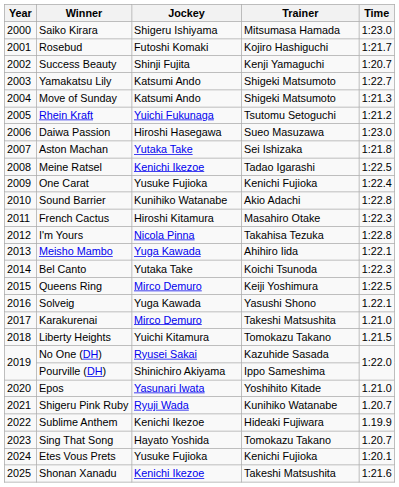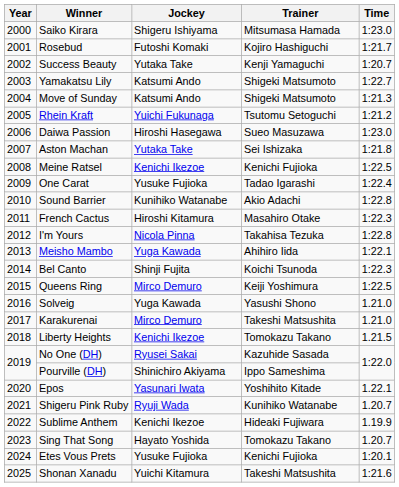 <table class="wikitable sortable" style="font-size:90%">
 <tr>
 <th width="36px">Year<br></th>
 <th width="120px">Winner<br></th>
 <th width="140px">Jockey<br></th>
 <th width="150px">Trainer<br></th>
 <th>Time<br></th>
 </tr>
 <tr>
 <td>2000</td>
 <td>Saiko Kirara</td>
 <td>Shigeru Ishiyama</td>
 <td>Mitsumasa Hamada</td>
 <td>1:23.0</td>
 </tr>
 <tr>
 <td>2001</td>
 <td>Rosebud</td>
 <td>Futoshi Komaki</td>
 <td>Kojiro Hashiguchi</td>
 <td>1:21.7</td>
 </tr>
 <tr>
 <td>2002</td>
 <td>Success Beauty</td>
-<td>Shinji Fujita</td>
+<td>Yutaka Take</td>
 <td>Kenji Yamaguchi</td>
 <td>1:20.7</td>
 </tr>
 <tr>
 <td>2003</td>
 <td>Yamakatsu Lily</td>
 <td>Katsumi Ando</td>
 <td>Shigeki Matsumoto</td>
 <td>1:22.7</td>
 </tr>
 <tr>
 <td>2004</td>
 <td>Move of Sunday</td>
 <td>Katsumi Ando</td>
 <td>Shigeki Matsumoto</td>
 <td>1:21.3</td>
 </tr>
 <tr>
 <td>2005</td>
 <td><a href='#'>Rhein Kraft</a></td>
 <td><a href='#'>Yuichi Fukunaga</a></td>
 <td>Tsutomu Setoguchi</td>
 <td>1:21.2</td>
 </tr>
 <tr>
 <td>2006</td>
 <td>Daiwa Passion</td>
 <td>Hiroshi Hasegawa</td>
 <td>Sueo Masuzawa</td>
 <td>1:23.0</td>
 </tr>
 <tr>
 <td>2007</td>
 <td>Aston Machan</td>
 <td><a href='#'>Yutaka Take</a></td>
 <td>Sei Ishizaka</td>
 <td>1:21.8</td>
 </tr>
 <tr>
 <td>2008</td>
 <td>Meine Ratsel</td>
 <td><a href='#'>Kenichi Ikezoe</a></td>
-<td>Tadao Igarashi</td>
+<td>Kenichi Fujioka</td>
 <td>1:22.5</td>
 </tr>
 <tr>
 <td>2009</td>
 <td>One Carat</td>
 <td>Yusuke Fujioka</td>
-<td>Kenichi Fujioka</td>
+<td>Tadao Igarashi</td>
 <td>1:22.4</td>
 </tr>
 <tr>
 <td>2010</td>
 <td>Sound Barrier</td>
 <td>Kunihiko Watanabe</td>
 <td>Akio Adachi</td>
 <td>1:22.8</td>
 </tr>
 <tr>
 <td>2011</td>
 <td>French Cactus</td>
 <td>Hiroshi Kitamura</td>
 <td>Masahiro Otake</td>
 <td>1:22.3</td>
 </tr>
 <tr>
 <td>2012</td>
 <td>I'm Yours</td>
 <td><a href='#'>Nicola Pinna</a></td>
 <td>Takahisa Tezuka</td>
 <td>1:22.8</td>
 </tr>
 <tr>
 <td>2013</td>
 <td><a href='#'>Meisho Mambo</a></td>
 <td><a href='#'>Yuga Kawada</a></td>
 <td>Ahihiro Iida</td>
 <td>1:22.1</td>
 </tr>
 <tr>
 <td>2014</td>
 <td>Bel Canto</td>
-<td>Yutaka Take</td>
+<td>Shinji Fujita</td>
 <td>Koichi Tsunoda</td>
 <td>1:22.3</td>
 </tr>
 <tr>
 <td>2015</td>
 <td>Queens Ring</td>
 <td><a href='#'>Mirco Demuro</a></td>
 <td>Keiji Yoshimura</td>
 <td>1:22.5</td>
 </tr>
 <tr>
 <td>2016</td>
 <td>Solveig</td>
 <td>Yuga Kawada</td>
 <td>Yasushi Shono</td>
-<td>1.22.1</td>
+<td>1.21.0</td>
 </tr>
 <tr>
 <td>2017</td>
 <td>Karakurenai</td>
 <td><a href='#'>Mirco Demuro</a></td>
 <td>Takeshi Matsushita</td>
 <td>1.21.0</td>
 </tr>
 <tr>
 <td>2018</td>
 <td>Liberty Heights</td>
-<td>Yuichi Kitamura</td>
+<td><a href='#'>Kenichi Ikezoe</a></td>
 <td>Tomokazu Takano</td>
 <td>1.21.5</td>
 </tr>
 <tr>
 <td rowspan="2">2019</td>
 <td>No One (<a href='#'>DH</a>)</td>
 <td><a href='#'>Ryusei Sakai</a></td>
 <td>Kazuhide Sasada</td>
 <td rowspan="2">1:22.0</td>
 </tr>
 <tr>
 <td>Pourville (<a href='#'>DH</a>)</td>
 <td>Shinichiro Akiyama</td>
 <td>Ippo Sameshima</td>
 </tr>
 <tr>
 <td>2020</td>
 <td>Epos</td>
 <td><a href='#'>Yasunari Iwata</a></td>
 <td>Yoshihito Kitade</td>
-<td>1.21.0</td>
+<td>1.22.1</td>
 </tr>
 <tr>
 <td>2021</td>
 <td>Shigeru Pink Ruby</td>
 <td><a href='#'>Ryuji Wada</a></td>
 <td>Kunihiko Watanabe</td>
 <td>1.20.7</td>
 </tr>
 <tr>
 <td>2022</td>
 <td>Sublime Anthem</td>
 <td>Kenichi Ikezoe</td>
 <td>Hideaki Fujiwara</td>
 <td>1.19.9</td>
 </tr>
 <tr>
 <td>2023</td>
 <td>Sing That Song</td>
 <td>Hayato Yoshida</td>
 <td>Tomokazu Takano</td>
 <td>1.20.7</td>
 </tr>
 <tr>
 <td>2024</td>
 <td>Etes Vous Prets</td>
 <td>Yusuke Fujioka</td>
 <td>Kenichi Fujioka</td>
 <td>1:20.1</td>
 </tr>
 <tr>
 <td>2025</td>
 <td>Shonan Xanadu</td>
-<td><a href='#'>Kenichi Ikezoe</a></td>
+<td>Yuichi Kitamura</td>
 <td>Takeshi Matsushita</td>
 <td>1:21.6</td>
 </tr>
 </table>
